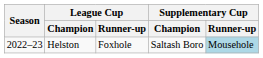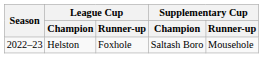 <table class=wikitable>
 <tr>
 <th rowspan=2>Season</th>
 <th colspan=2>League Cup</th>
 <th colspan=2>Supplementary Cup</th>
 </tr>
 <tr>
 <th>Champion</th>
 <th>Runner-up</th>
 <th>Champion</th>
 <th>Runner-up</th>
 </tr>
 <tr>
 <td>2022–23</td>
 <td>Helston</td>
 <td>Foxhole</td>
 <td>Saltash Boro</td>
-<td style="background: lightblue;">Mousehole</td>
+<td>Mousehole</td>
 </tr>
 </table>
